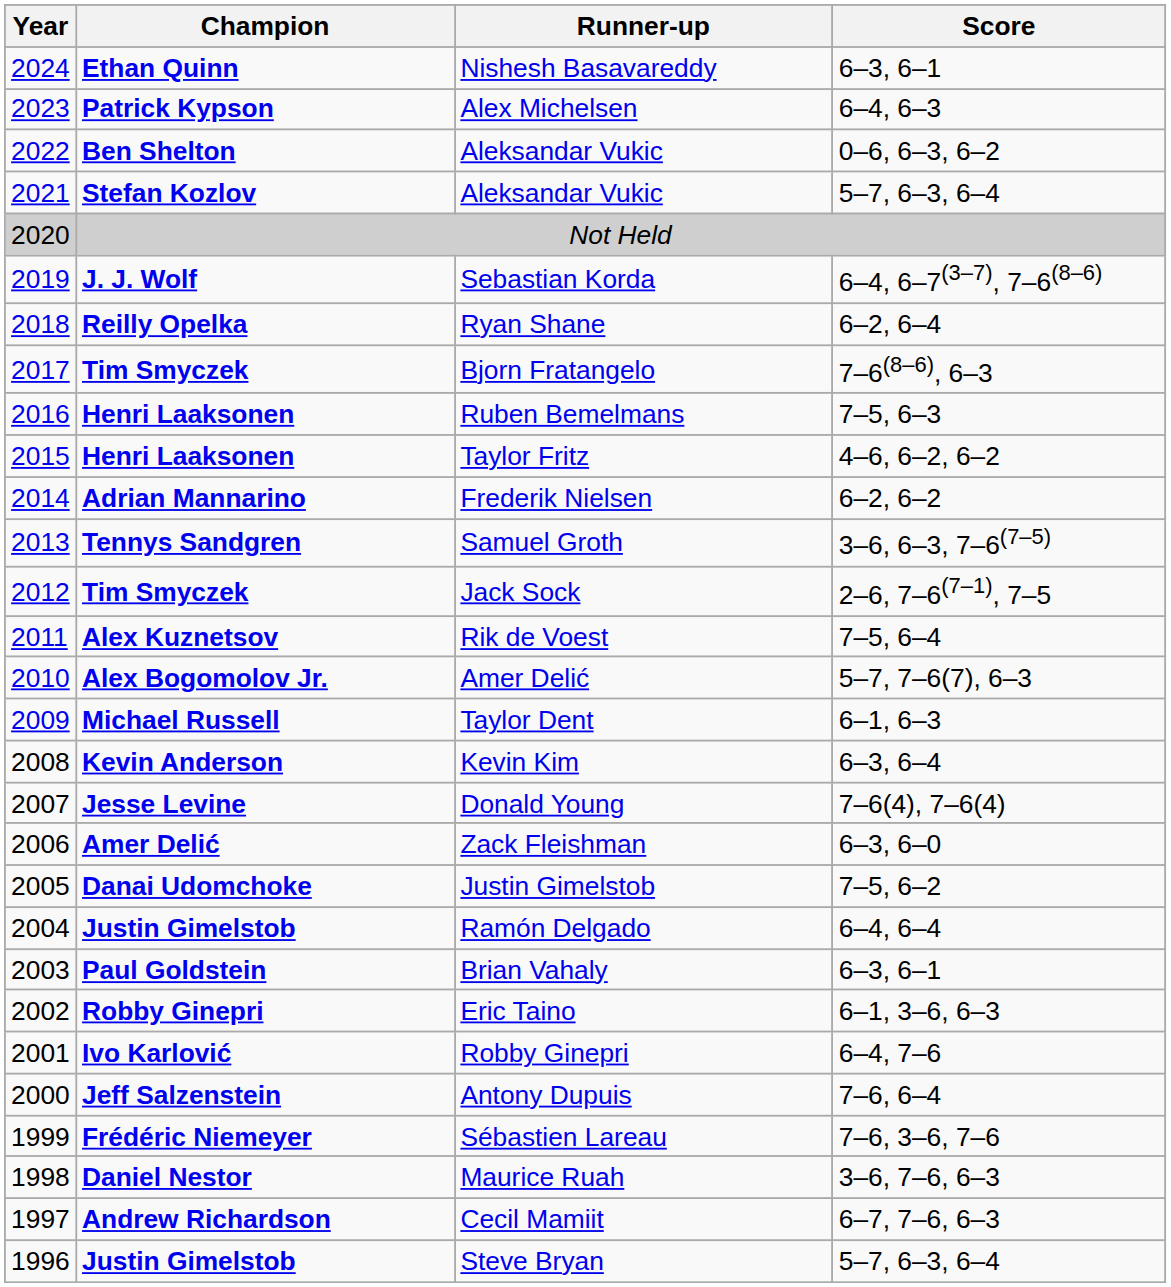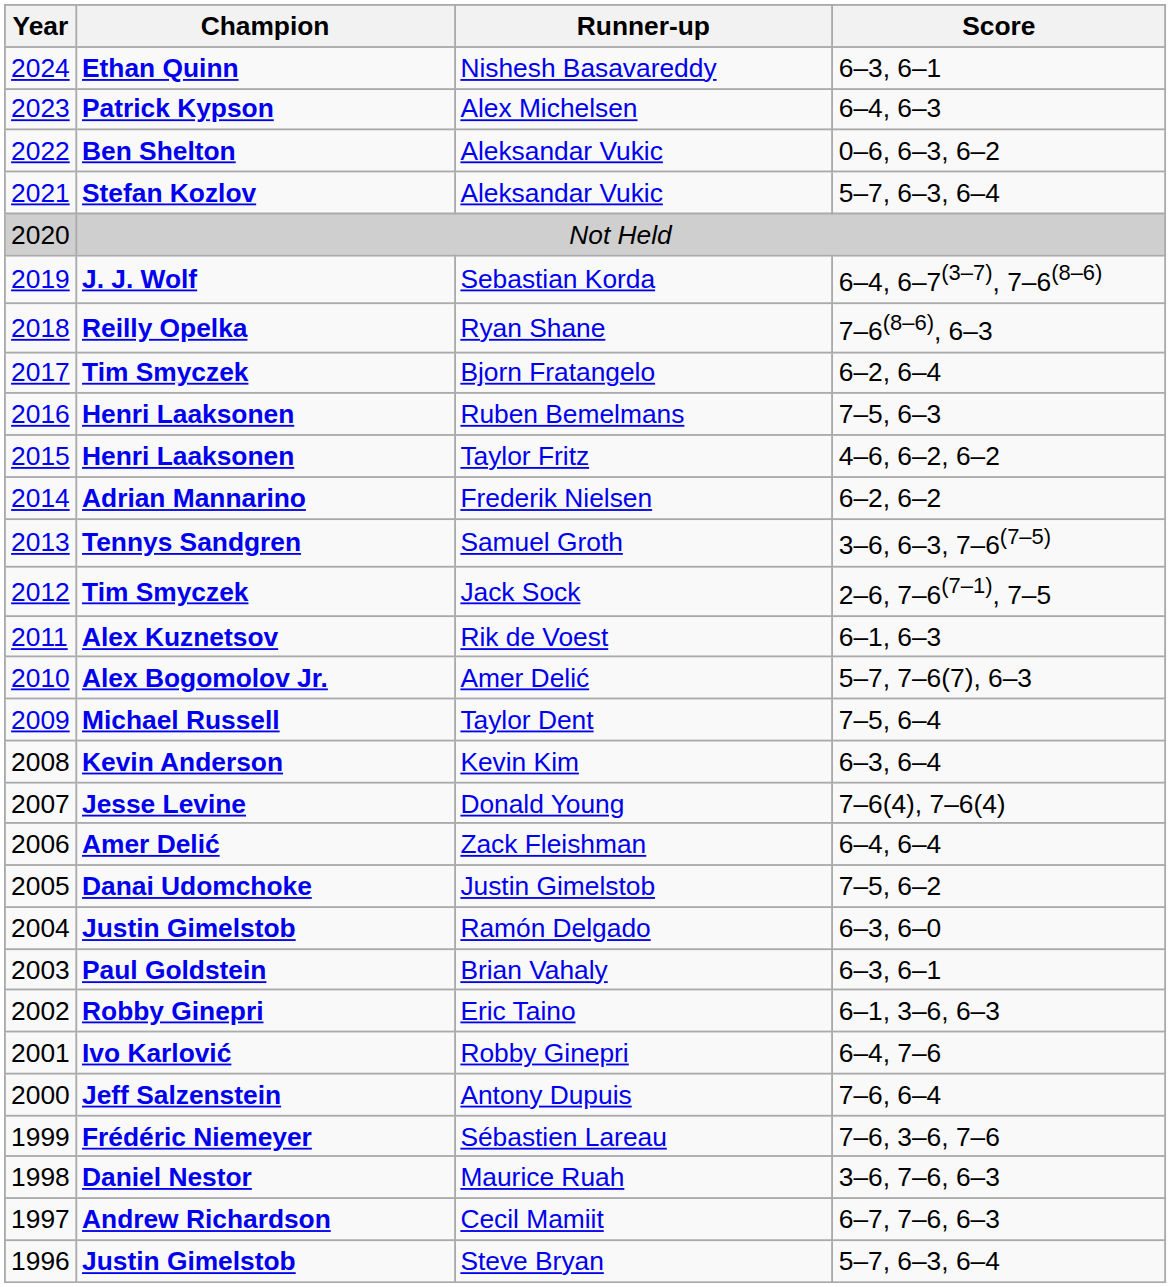 <table class="wikitable" style="font-size:90%">
 <tr>
 <th>Year</th>
 <th width="200">Champion</th>
 <th width="200">Runner-up</th>
 <th width="175">Score</th>
 </tr>
 <tr>
 <td><a href='#'>2024</a></td>
 <td> <strong><a href='#'>Ethan Quinn</a></strong></td>
 <td> <a href='#'>Nishesh Basavareddy</a></td>
 <td>6–3, 6–1</td>
 </tr>
 <tr>
 <td><a href='#'>2023</a></td>
 <td> <strong><a href='#'>Patrick Kypson</a></strong></td>
 <td> <a href='#'>Alex Michelsen</a></td>
 <td>6–4, 6–3</td>
 </tr>
 <tr>
 <td><a href='#'>2022</a></td>
 <td> <strong><a href='#'>Ben Shelton</a></strong></td>
 <td> <a href='#'>Aleksandar Vukic</a></td>
 <td>0–6, 6–3, 6–2</td>
 </tr>
 <tr>
 <td><a href='#'>2021</a></td>
 <td> <strong><a href='#'>Stefan Kozlov</a></strong></td>
 <td> <a href='#'>Aleksandar Vukic</a></td>
 <td>5–7, 6–3, 6–4</td>
 </tr>
 <tr>
 <td style="background:#cfcfcf">2020</td>
 <td colspan=3 align=center style="background:#cfcfcf"><em>Not Held</em></td>
 </tr>
 <tr>
 <td><a href='#'>2019</a></td>
 <td> <strong><a href='#'>J. J. Wolf</a></strong></td>
 <td> <a href='#'>Sebastian Korda</a></td>
 <td>6–4, 6–7<sup>(3–7)</sup>, 7–6<sup>(8–6)</sup></td>
 </tr>
 <tr>
 <td><a href='#'>2018</a></td>
 <td> <strong><a href='#'>Reilly Opelka</a></strong></td>
 <td> <a href='#'>Ryan Shane</a></td>
-<td>6–2, 6–4</td>
+<td>7–6<sup>(8–6)</sup>, 6–3</td>
 </tr>
 <tr>
 <td><a href='#'>2017</a></td>
 <td> <strong><a href='#'>Tim Smyczek</a></strong></td>
 <td> <a href='#'>Bjorn Fratangelo</a></td>
-<td>7–6<sup>(8–6)</sup>, 6–3</td>
+<td>6–2, 6–4</td>
 </tr>
 <tr>
 <td><a href='#'>2016</a></td>
 <td> <strong><a href='#'>Henri Laaksonen</a></strong></td>
 <td> <a href='#'>Ruben Bemelmans</a></td>
 <td>7–5, 6–3</td>
 </tr>
 <tr>
 <td><a href='#'>2015</a></td>
 <td> <strong><a href='#'>Henri Laaksonen</a></strong></td>
 <td> <a href='#'>Taylor Fritz</a></td>
 <td>4–6, 6–2, 6–2</td>
 </tr>
 <tr>
 <td><a href='#'>2014</a></td>
 <td> <strong><a href='#'>Adrian Mannarino</a></strong></td>
 <td> <a href='#'>Frederik Nielsen</a></td>
 <td>6–2, 6–2</td>
 </tr>
 <tr>
 <td><a href='#'>2013</a></td>
 <td> <strong><a href='#'>Tennys Sandgren</a></strong></td>
 <td> <a href='#'>Samuel Groth</a></td>
 <td>3–6, 6–3, 7–6<sup>(7–5)</sup></td>
 </tr>
 <tr>
 <td><a href='#'>2012</a></td>
 <td> <strong><a href='#'>Tim Smyczek</a></strong></td>
 <td> <a href='#'>Jack Sock</a></td>
 <td>2–6, 7–6<sup>(7–1)</sup>, 7–5</td>
 </tr>
 <tr>
 <td><a href='#'>2011</a></td>
 <td> <strong><a href='#'>Alex Kuznetsov</a></strong></td>
 <td> <a href='#'>Rik de Voest</a></td>
-<td>7–5, 6–4</td>
+<td>6–1, 6–3</td>
 </tr>
 <tr>
 <td><a href='#'>2010</a></td>
 <td> <strong><a href='#'>Alex Bogomolov Jr.</a></strong></td>
 <td> <a href='#'>Amer Delić</a></td>
 <td>5–7, 7–6(7), 6–3</td>
 </tr>
 <tr>
 <td><a href='#'>2009</a></td>
 <td> <strong><a href='#'>Michael Russell</a></strong></td>
 <td> <a href='#'>Taylor Dent</a></td>
-<td>6–1, 6–3</td>
+<td>7–5, 6–4</td>
 </tr>
 <tr>
 <td>2008</td>
 <td> <strong><a href='#'>Kevin Anderson</a></strong></td>
 <td> <a href='#'>Kevin Kim</a></td>
 <td>6–3, 6–4</td>
 </tr>
 <tr>
 <td>2007</td>
 <td> <strong><a href='#'>Jesse Levine</a></strong></td>
 <td> <a href='#'>Donald Young</a></td>
 <td>7–6(4), 7–6(4)</td>
 </tr>
 <tr>
 <td>2006</td>
 <td> <strong><a href='#'>Amer Delić</a></strong></td>
 <td> <a href='#'>Zack Fleishman</a></td>
-<td>6–3, 6–0</td>
+<td>6–4, 6–4</td>
 </tr>
 <tr>
 <td>2005</td>
 <td> <strong><a href='#'>Danai Udomchoke</a></strong></td>
 <td> <a href='#'>Justin Gimelstob</a></td>
 <td>7–5, 6–2</td>
 </tr>
 <tr>
 <td>2004</td>
 <td> <strong><a href='#'>Justin Gimelstob</a></strong></td>
 <td> <a href='#'>Ramón Delgado</a></td>
-<td>6–4, 6–4</td>
+<td>6–3, 6–0</td>
 </tr>
 <tr>
 <td>2003</td>
 <td> <strong><a href='#'>Paul Goldstein</a></strong></td>
 <td> <a href='#'>Brian Vahaly</a></td>
 <td>6–3, 6–1</td>
 </tr>
 <tr>
 <td>2002</td>
 <td> <strong><a href='#'>Robby Ginepri</a></strong></td>
 <td> <a href='#'>Eric Taino</a></td>
 <td>6–1, 3–6, 6–3</td>
 </tr>
 <tr>
 <td>2001</td>
 <td> <strong><a href='#'>Ivo Karlović</a></strong></td>
 <td> <a href='#'>Robby Ginepri</a></td>
 <td>6–4, 7–6</td>
 </tr>
 <tr>
 <td>2000</td>
 <td> <strong><a href='#'>Jeff Salzenstein</a></strong></td>
 <td> <a href='#'>Antony Dupuis</a></td>
 <td>7–6, 6–4</td>
 </tr>
 <tr>
 <td>1999</td>
 <td> <strong><a href='#'>Frédéric Niemeyer</a></strong></td>
 <td> <a href='#'>Sébastien Lareau</a></td>
 <td>7–6, 3–6, 7–6</td>
 </tr>
 <tr>
 <td>1998</td>
 <td> <strong><a href='#'>Daniel Nestor</a></strong></td>
 <td> <a href='#'>Maurice Ruah</a></td>
 <td>3–6, 7–6, 6–3</td>
 </tr>
 <tr>
 <td>1997</td>
 <td> <strong><a href='#'>Andrew Richardson</a></strong></td>
 <td> <a href='#'>Cecil Mamiit</a></td>
 <td>6–7, 7–6, 6–3</td>
 </tr>
 <tr>
 <td>1996</td>
 <td> <strong><a href='#'>Justin Gimelstob</a></strong></td>
 <td> <a href='#'>Steve Bryan</a></td>
 <td>5–7, 6–3, 6–4</td>
 </tr>
 </table>
